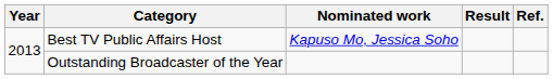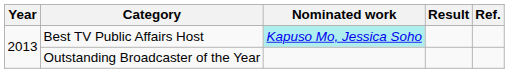 <table class="wikitable plainrowheaders sortable">
 <tr>
 <th>Year</th>
 <th>Category</th>
 <th>Nominated work</th>
 <th>Result</th>
 <th>Ref.</th>
 </tr>
 <tr>
 <td rowspan='2'>2013</td>
 <td>Best TV Public Affairs Host</td>
-<td><em><a href='#'>Kapuso Mo, Jessica Soho</a></em></td>
+<td style="background: paleturquoise;"><em><a href='#'>Kapuso Mo, Jessica Soho</a></em></td>
 <td></td>
 <td></td>
 </tr>
 <tr>
 <td>Outstanding Broadcaster of the Year</td>
 <td></td>
 <td></td>
 <td></td>
 </tr>
 </table>
